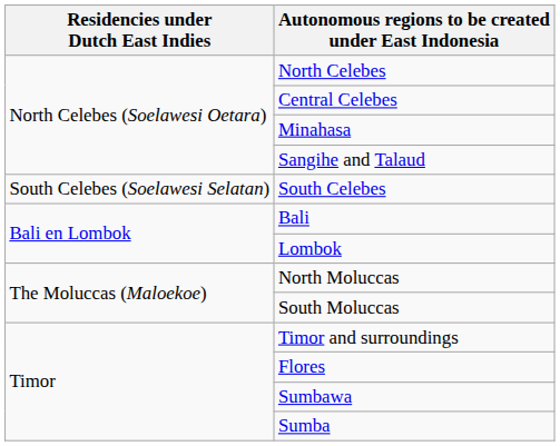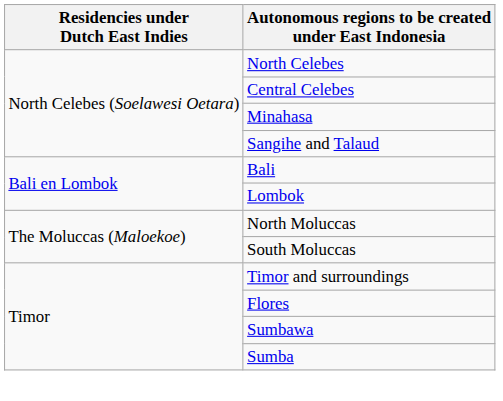 <table class="wikitable">
 <tr>
 <th>Residencies under<br>Dutch East Indies</th>
 <th>Autonomous regions to be created<br>under East Indonesia</th>
 </tr>
 <tr>
 <td rowspan="4">North Celebes (<em>Soelawesi Oetara</em>)</td>
 <td><a href='#'>North Celebes</a></td>
 </tr>
 <tr>
 <td><a href='#'>Central Celebes</a></td>
 </tr>
 <tr>
 <td><a href='#'>Minahasa</a></td>
 </tr>
 <tr>
 <td><a href='#'>Sangihe</a> and <a href='#'>Talaud</a></td>
-</tr>
-<tr>
-<td>South Celebes (<em>Soelawesi Selatan</em>)</td>
-<td><a href='#'>South Celebes</a></td>
 </tr>
 <tr>
 <td rowspan="2"><a href='#'>Bali en Lombok</a></td>
 <td><a href='#'>Bali</a></td>
 </tr>
 <tr>
 <td><a href='#'>Lombok</a></td>
 </tr>
 <tr>
 <td rowspan="2">The Moluccas (<em>Maloekoe</em>)</td>
 <td>North Moluccas</td>
 </tr>
 <tr>
 <td>South Moluccas</td>
 </tr>
 <tr>
 <td rowspan="4">Timor</td>
 <td><a href='#'>Timor</a> and surroundings</td>
 </tr>
 <tr>
 <td><a href='#'>Flores</a></td>
 </tr>
 <tr>
 <td><a href='#'>Sumbawa</a></td>
 </tr>
 <tr>
 <td><a href='#'>Sumba</a></td>
 </tr>
 </table>
